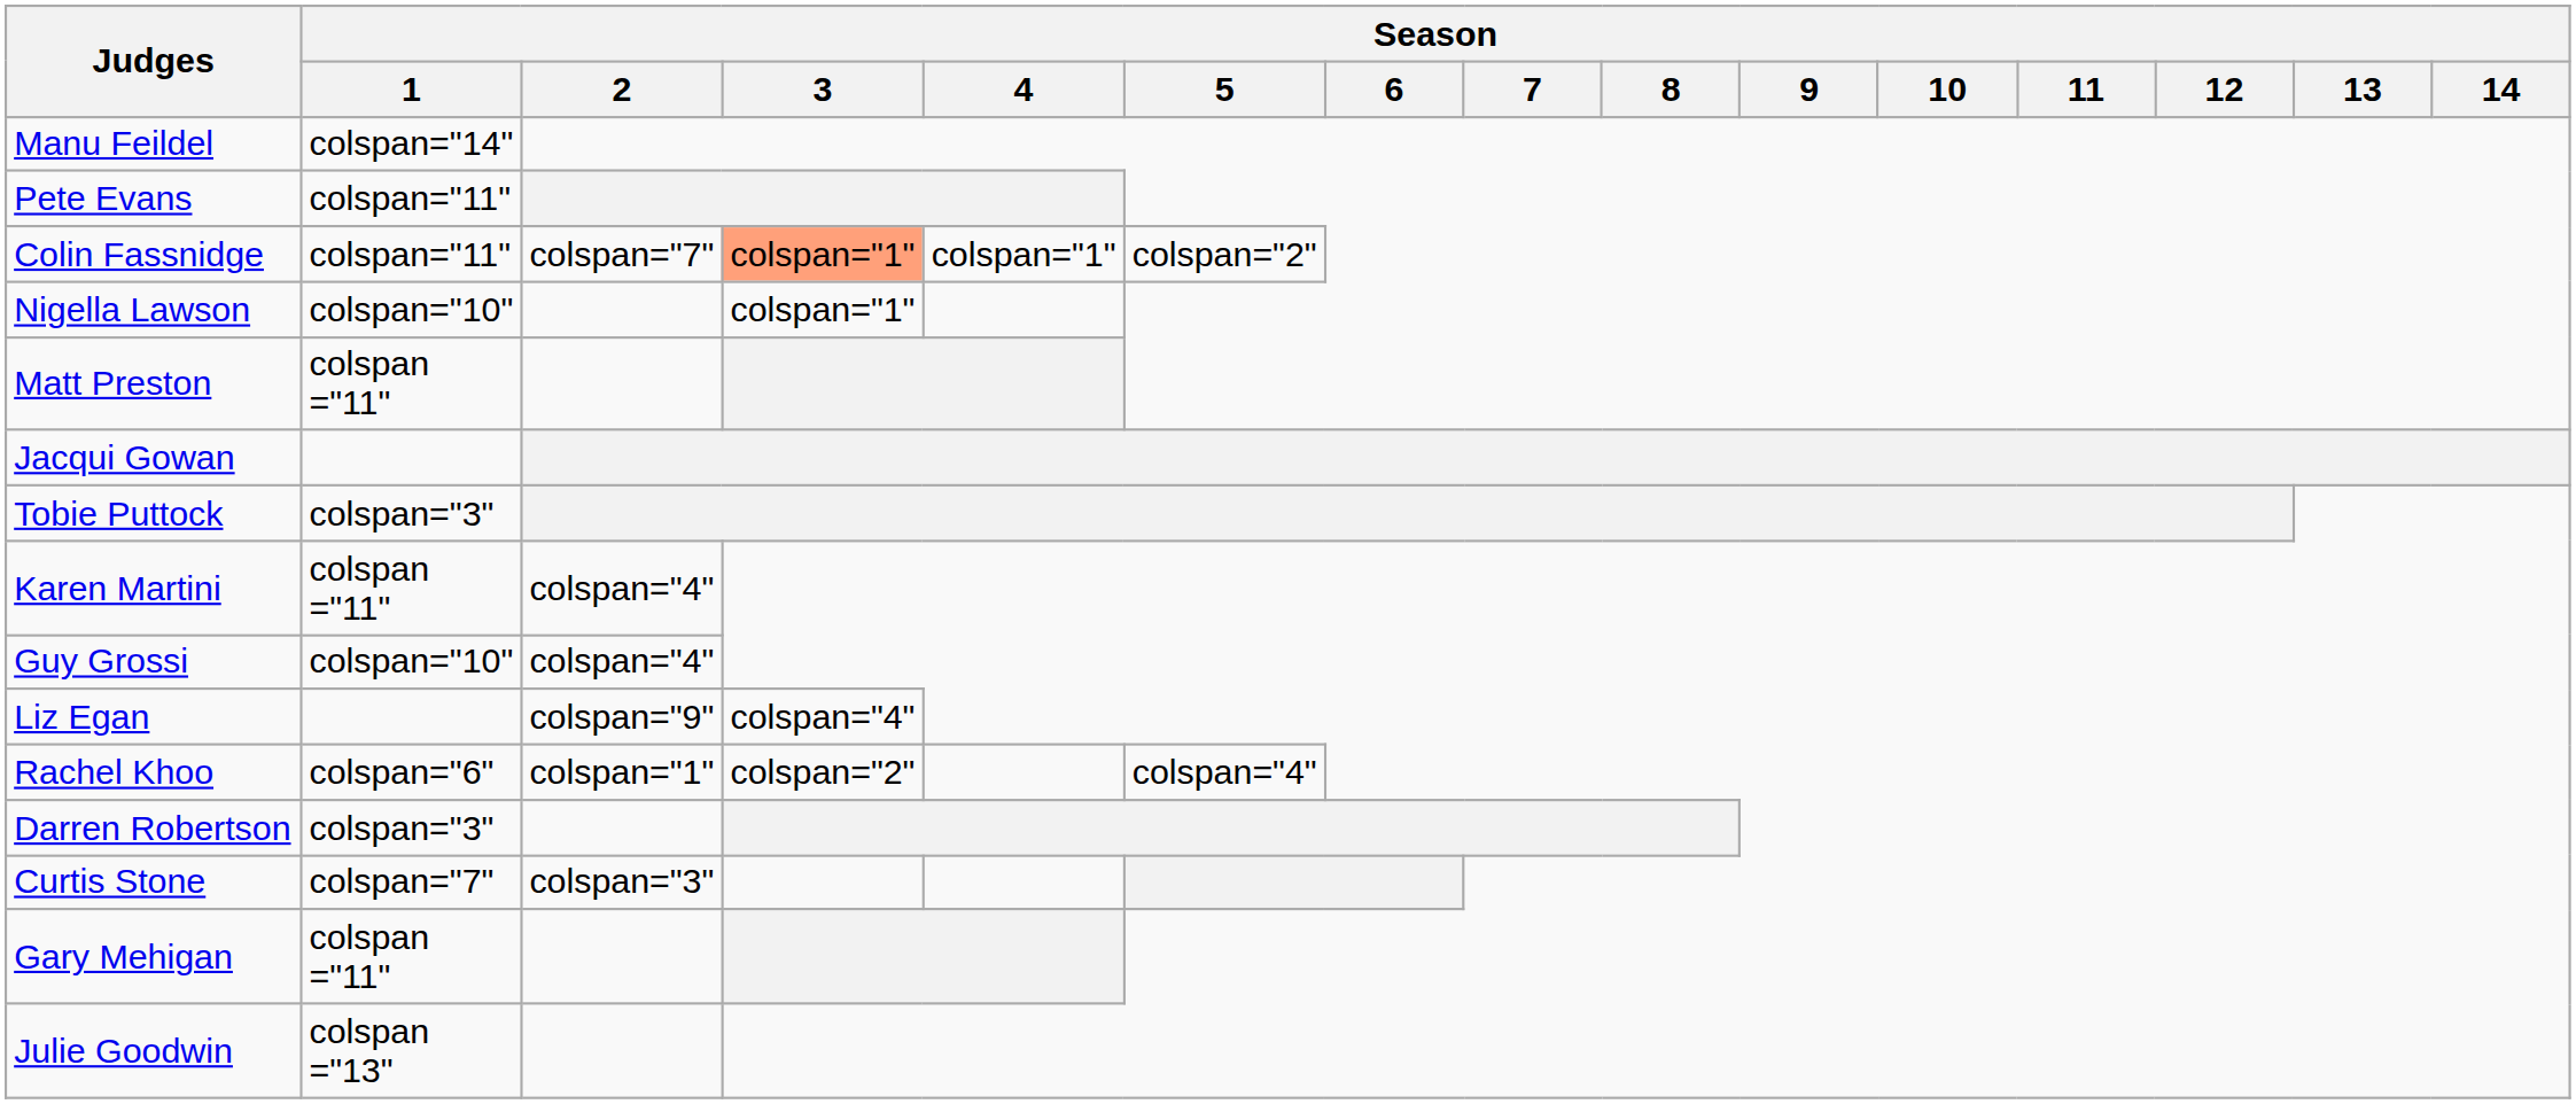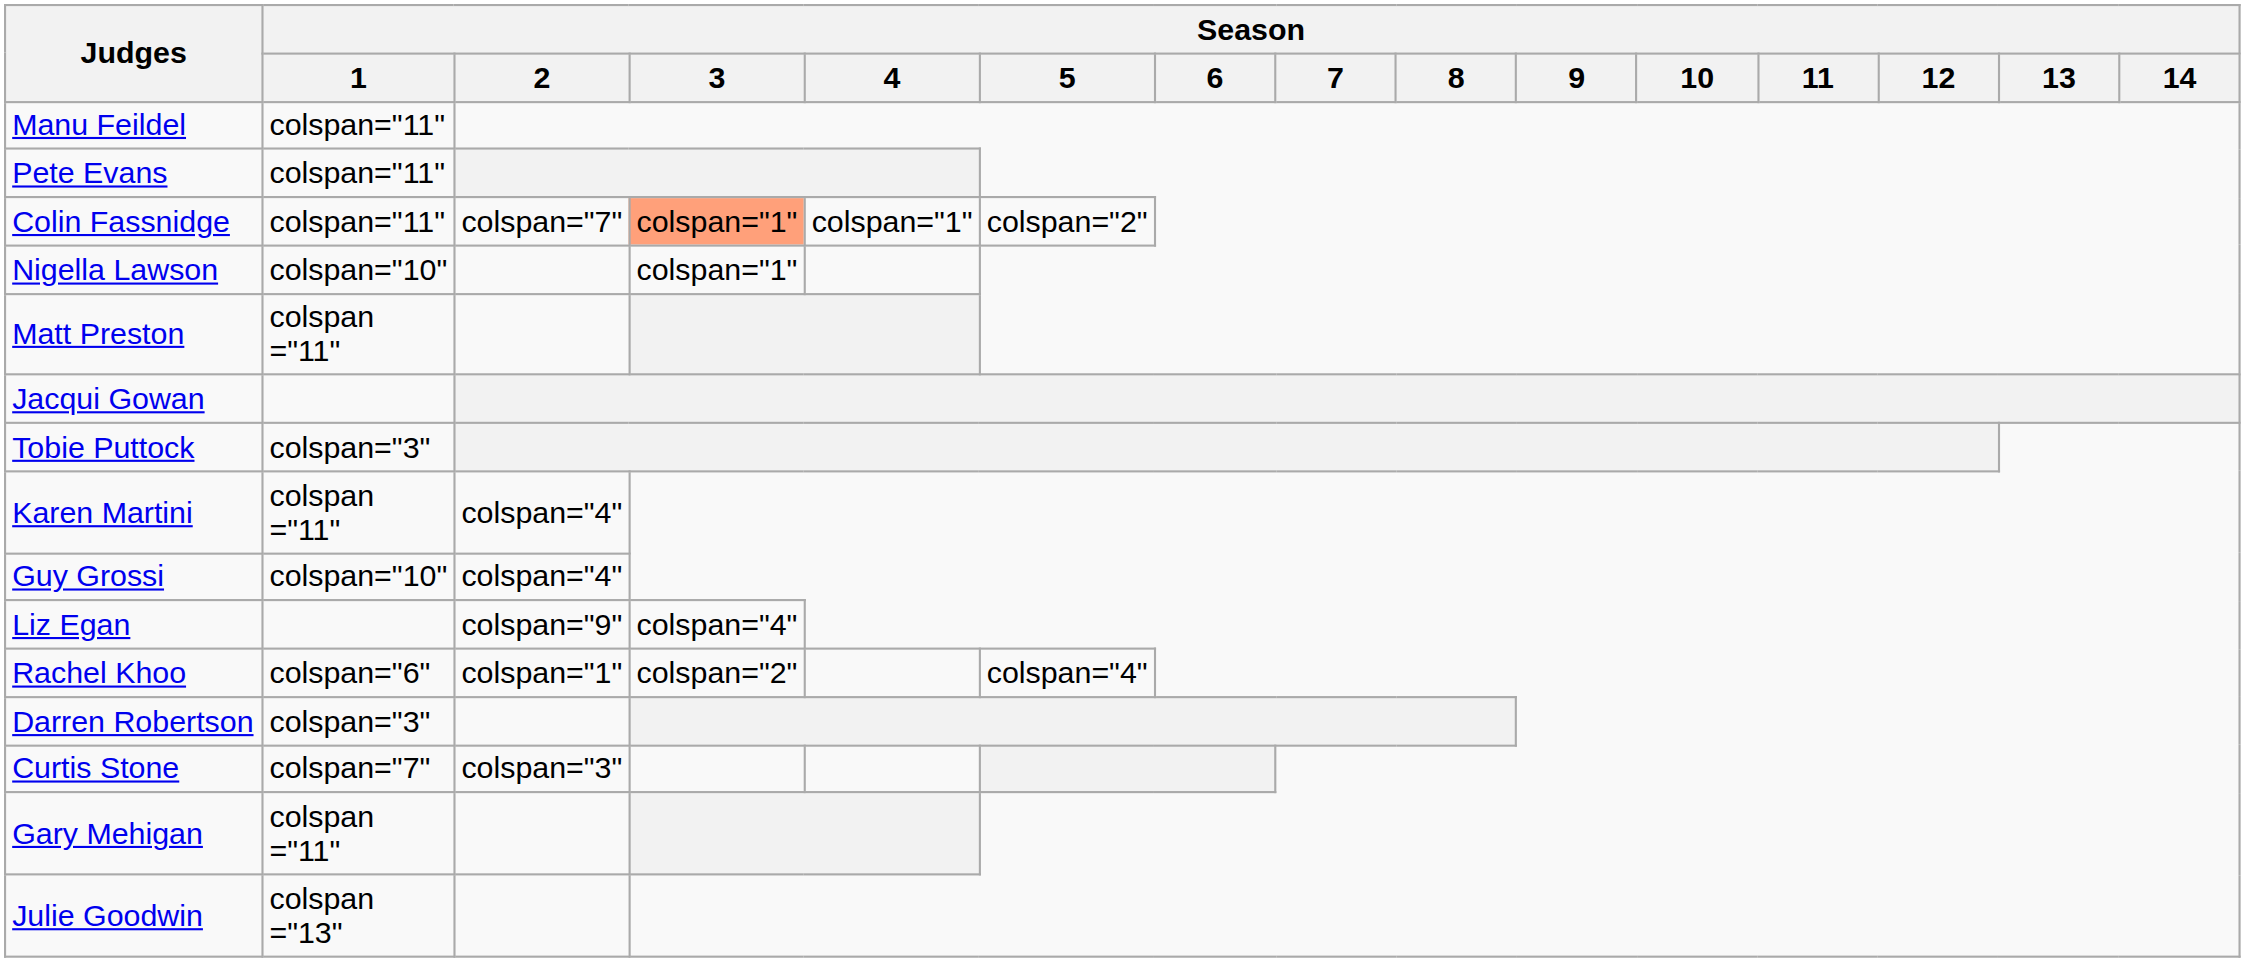 <table class="wikitable plainrowheaders" style="font-size:90%;">
 <tr>
 <th scope="col" style="width:8em;" rowspan="2">Judges</th>
 <th colspan="14" scope="col">Season</th>
 </tr>
 <tr>
 <th scope="col" style="width:3.5em;">1</th>
 <th scope="col" style="width:3.5em;">2</th>
 <th scope="col" style="width:3.5em;">3</th>
 <th scope="col" style="width:3.5em;">4</th>
 <th scope="col" style="width:3.5em;">5</th>
 <th scope="col" style="width:3.5em;">6</th>
 <th scope="col" style="width:3.5em;">7</th>
 <th scope="col" style="width:3.5em;">8</th>
 <th scope="col" style="width:3.5em;">9</th>
 <th scope="col" style="width:3.5em;">10</th>
 <th scope="col" style="width:3.5em;">11</th>
 <th scope="col" style="width:3.5em;">12</th>
 <th scope="col" style="width:3.5em;">13</th>
 <th scope="col" style="width:3.5em;">14</th>
 </tr>
 <tr>
 <td scope="row"><a href='#'>Manu Feildel</a></td>
-<td>colspan="14" </td>
+<td>colspan="11" </td>
 </tr>
 <tr>
 <td scope="row"><a href='#'>Pete Evans</a></td>
 <td>colspan="11" </td>
 <th colspan="3"></th>
 </tr>
 <tr>
 <td scope="row"><a href='#'>Colin Fassnidge</a></td>
 <td>colspan="11" </td>
 <td>colspan="7" </td>
 <td style="background: lightsalmon;">colspan="1" </td>
 <td>colspan="1" </td>
 <td>colspan="2" </td>
 </tr>
 <tr>
 <td scope="row"><a href='#'>Nigella Lawson</a></td>
 <td>colspan="10" </td>
 <td></td>
 <td>colspan="1" </td>
 <td></td>
 </tr>
 <tr>
 <td scope="row"><a href='#'>Matt Preston</a></td>
 <td>colspan ="11" </td>
 <td></td>
 <th colspan="2"></th>
 </tr>
 <tr>
 <td scope="row"><a href='#'>Jacqui Gowan</a></td>
 <td></td>
 <th colspan="13"></th>
 </tr>
 <tr>
 <td scope="row"><a href='#'>Tobie Puttock</a></td>
 <td>colspan="3" </td>
 <th colspan="11"></th>
 </tr>
 <tr>
 <td scope="row"><a href='#'>Karen Martini</a></td>
 <td>colspan ="11" </td>
 <td>colspan="4" </td>
 </tr>
 <tr>
 <td scope="row"><a href='#'>Guy Grossi</a></td>
 <td>colspan="10" </td>
 <td>colspan="4" </td>
 </tr>
 <tr>
 <td scope="row"><a href='#'>Liz Egan</a></td>
 <td></td>
 <td>colspan="9" </td>
 <td>colspan="4" </td>
 </tr>
 <tr>
 <td scope="row"><a href='#'>Rachel Khoo</a></td>
 <td>colspan="6" </td>
 <td>colspan="1" </td>
 <td>colspan="2" </td>
 <td></td>
 <td>colspan="4" </td>
 </tr>
 <tr>
 <td scope="row"><a href='#'>Darren Robertson</a></td>
 <td>colspan="3" </td>
 <td></td>
 <th colspan="6"></th>
 </tr>
 <tr>
 <td scope="row"><a href='#'>Curtis Stone</a></td>
 <td>colspan="7" </td>
 <td>colspan="3" </td>
 <td></td>
 <td></td>
 <th colspan="2"></th>
 </tr>
 <tr>
 <td scope="row"><a href='#'>Gary Mehigan</a></td>
 <td>colspan ="11" </td>
 <td></td>
 <th colspan="2"></th>
 </tr>
 <tr>
 <td scope="row"><a href='#'>Julie Goodwin</a></td>
 <td>colspan ="13" </td>
 <td></td>
 </tr>
 </table>
